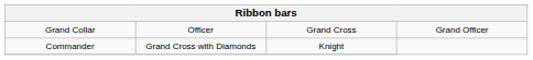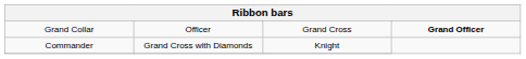 <table align=center class=wikitable width=50%>
 <tr>
 <th colspan=5><strong>Ribbon bars</strong></th>
 </tr>
 <tr>
 <td width=20% valign=top align=center><small>Grand Collar</small></td>
 <td width=20% valign=top align=center><small>Officer</small></td>
 <td width=20% valign=top align=center><small>Grand Cross</small></td>
-<td width=20% valign=top align=center><small>Grand Officer</small></td>
+<td width=20% valign=top align=center><strong><small>Grand Officer</small></strong></td>
 </tr>
 <tr>
 <td width=20% valign=top align=center><small>Commander</small></td>
 <td width=20% valign=top align=center><small>Grand Cross with Diamonds</small></td>
 <td width=20% valign=top align=center><small>Knight</small></td>
 </tr>
 <tr>
 </tr>
 </table>
